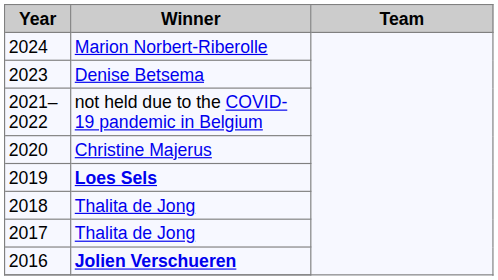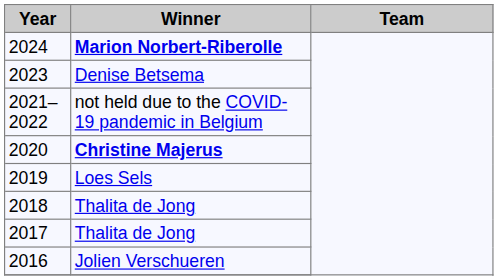 <table bgcolor="#f7f8ff" cellpadding="3" cellspacing="0" border="1" style="font-size: 95%; border: gray solid 1px; border-collapse: collapse;">
 <tr bgcolor="#CCCCCC">
 <td align="center" width="50"><strong>Year</strong></td>
 <td align="center" width="200"><strong>Winner</strong></td>
 <td align="center" width="150"><strong>Team</strong></td>
 </tr>
 <tr align="left">
 <td>2024</td>
-<td> <a href='#'>Marion Norbert-Riberolle</a></td>
+<td><strong> <a href='#'>Marion Norbert-Riberolle</a></strong></td>
 </tr>
 <tr align="left">
 <td>2023</td>
 <td> <a href='#'>Denise Betsema</a></td>
 </tr>
 <tr align="left">
 <td>2021–2022</td>
 <td>not held due to the <a href='#'>COVID-19 pandemic in Belgium</a></td>
 </tr>
 <tr align="left">
 <td>2020</td>
-<td> <a href='#'>Christine Majerus</a></td>
+<td><strong> <a href='#'>Christine Majerus</a></strong></td>
 </tr>
 <tr align="left">
 <td>2019</td>
-<td><strong> <a href='#'>Loes Sels</a></strong></td>
+<td> <a href='#'>Loes Sels</a></td>
 </tr>
 <tr align="left">
 <td>2018</td>
 <td> <a href='#'>Thalita de Jong</a></td>
 </tr>
 <tr align="left">
 <td>2017</td>
 <td> <a href='#'>Thalita de Jong</a></td>
 </tr>
 <tr align="left">
 <td>2016</td>
-<td><strong> <a href='#'>Jolien Verschueren</a></strong></td>
+<td> <a href='#'>Jolien Verschueren</a></td>
 </tr>
 <tr align="left">
 </tr>
 </table>
